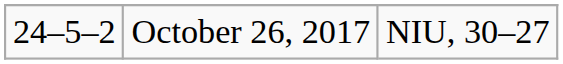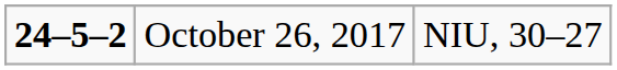 <table class="wikitable">
 <tr align="center">
 </tr>
 <tr align="center">
-<td>24–5–2</td>
+<td><strong>24–5–2</strong></td>
 <td>October 26, 2017</td>
 <td>NIU, 30–27</td>
 </tr>
 </table>
